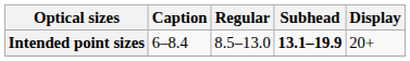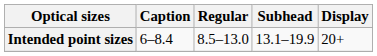 <table class="wikitable">
 <tr>
 <th>Optical sizes</th>
 <th>Caption</th>
 <th>Regular</th>
 <th>Subhead</th>
 <th>Display</th>
 </tr>
 <tr>
 <th>Intended point sizes</th>
 <td>6–8.4</td>
 <td>8.5–13.0</td>
-<td><strong>13.1–19.9</strong></td>
+<td>13.1–19.9</td>
 <td>20+</td>
 </tr>
 <tr>
 </tr>
 </table>
